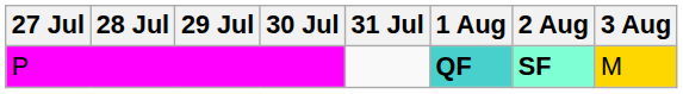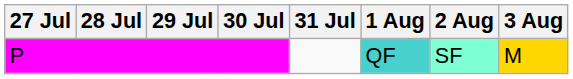 <table class="wikitable olympic-schedule Badminton">
 <tr>
 <th>27 Jul</th>
 <th>28 Jul</th>
 <th>29 Jul</th>
 <th>30 Jul</th>
 <th>31 Jul</th>
 <th>1 Aug</th>
 <th>2 Aug</th>
 <th>3 Aug</th>
 </tr>
 <tr>
 <td class="event" colspan=4 bgcolor="#FF00FF" class="prelims">P</td>
 <td></td>
-<td bgcolor="#48D1CC" class="quarterfinals"><strong>QF</strong></td>
-<td bgcolor="#7FFFD4" class="semifinals"><strong>SF</strong></td>
+<td bgcolor="#48D1CC" class="quarterfinals">QF</td>
+<td bgcolor="#7FFFD4" class="semifinals">SF</td>
 <td bgcolor="gold" class="finals">M</td>
 </tr>
 </table>
